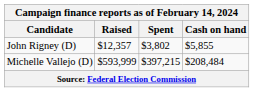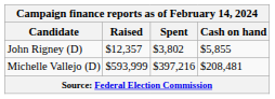 <table class="wikitable sortable">
 <tr>
 <th colspan=4>Campaign finance reports as of February 14, 2024</th>
 </tr>
 <tr style="text-align:center;">
 <th>Candidate</th>
 <th>Raised</th>
 <th>Spent</th>
 <th>Cash on hand</th>
 </tr>
 <tr>
 <td style="color:black;background-color:">John Rigney (D)</td>
 <td>$12,357</td>
 <td>$3,802</td>
 <td>$5,855</td>
 </tr>
 <tr>
 <td style="color:black;background-color:">Michelle Vallejo (D)</td>
 <td>$593,999</td>
-<td>$397,215</td>
-<td>$208,484</td>
+<td>$397,216</td>
+<td>$208,481</td>
 </tr>
 <tr>
 <th colspan="4"><small>Source: <a href='#'>Federal Election Commission</a></small></th>
 </tr>
 </table>
